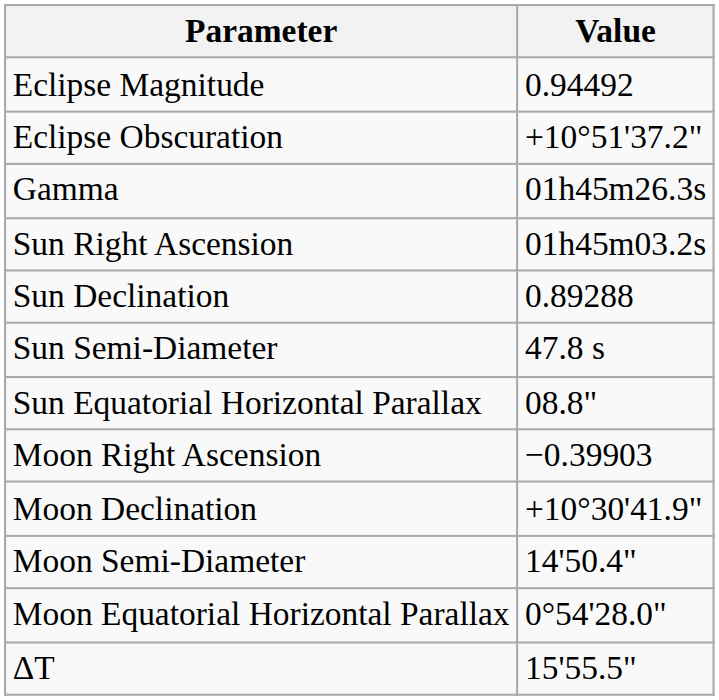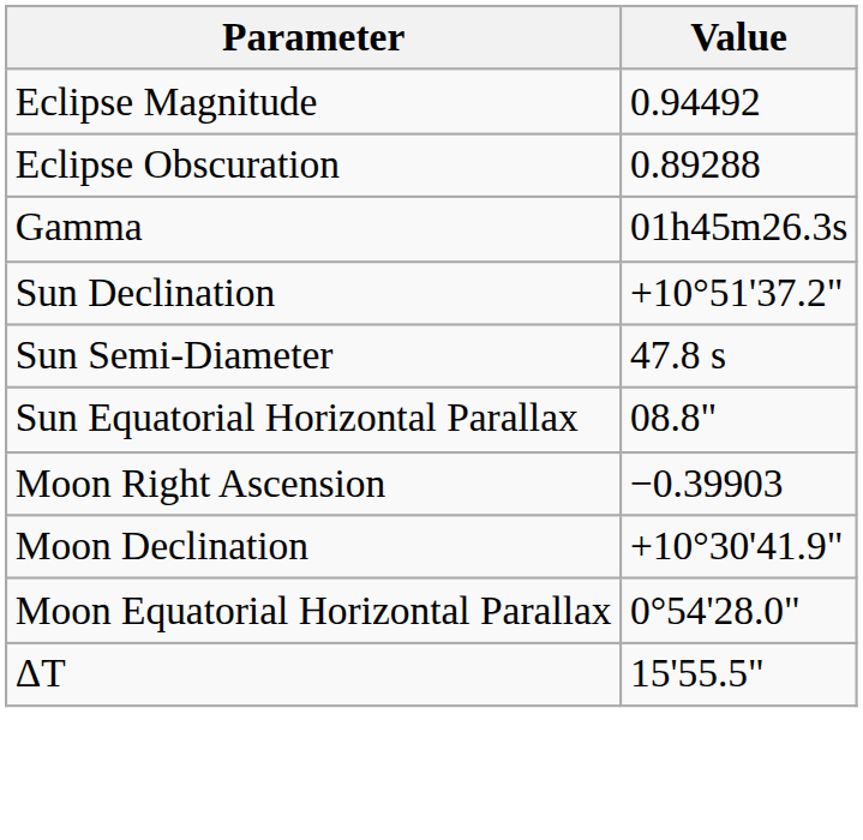 <table class="wikitable">
 <tr>
 <th>Parameter</th>
 <th>Value</th>
 </tr>
 <tr>
 <td>Eclipse Magnitude</td>
 <td>0.94492</td>
 </tr>
 <tr>
 <td>Eclipse Obscuration</td>
-<td>+10°51'37.2"</td>
+<td>0.89288</td>
 </tr>
 <tr>
 <td>Gamma</td>
 <td>01h45m26.3s</td>
 </tr>
 <tr>
-<td>Sun Right Ascension</td>
-<td>01h45m03.2s</td>
-</tr>
-<tr>
 <td>Sun Declination</td>
-<td>0.89288</td>
+<td>+10°51'37.2"</td>
 </tr>
 <tr>
 <td>Sun Semi-Diameter</td>
 <td>47.8 s</td>
 </tr>
 <tr>
 <td>Sun Equatorial Horizontal Parallax</td>
 <td>08.8"</td>
 </tr>
 <tr>
 <td>Moon Right Ascension</td>
 <td>−0.39903</td>
 </tr>
 <tr>
 <td>Moon Declination</td>
 <td>+10°30'41.9"</td>
 </tr>
 <tr>
-<td>Moon Semi-Diameter</td>
-<td>14'50.4"</td>
-</tr>
-<tr>
 <td>Moon Equatorial Horizontal Parallax</td>
 <td>0°54'28.0"</td>
 </tr>
 <tr>
 <td>ΔT</td>
 <td>15'55.5"</td>
 </tr>
 </table>
